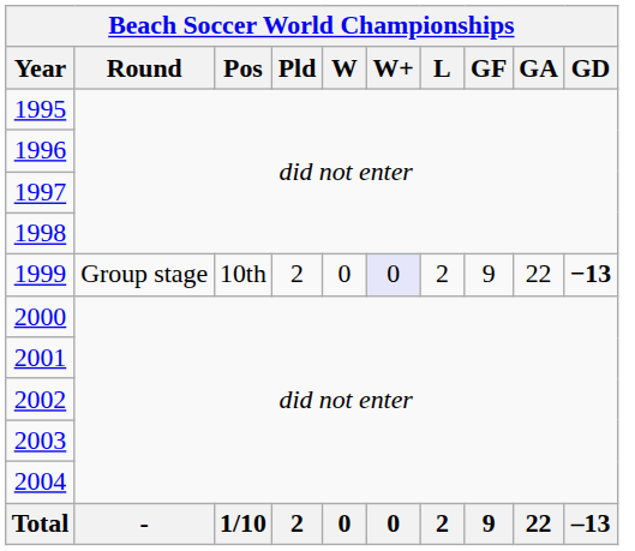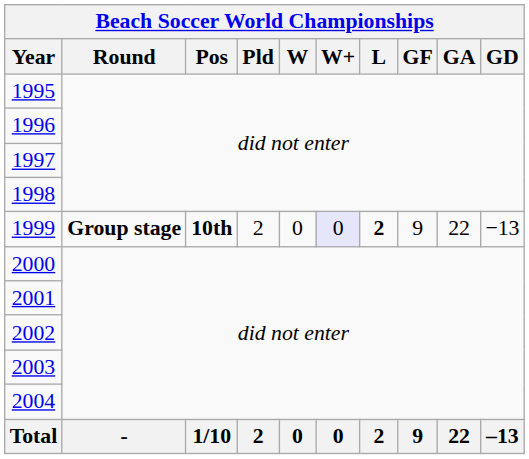 <table class="wikitable" style="text-align: center;">
 <tr>
 <th colspan=10><a href='#'>Beach Soccer World Championships</a></th>
 </tr>
 <tr>
 <th>Year</th>
 <th>Round</th>
 <th width=20>Pos</th>
 <th width=20>Pld</th>
 <th width=20>W</th>
 <th width=20>W+</th>
 <th width=20>L</th>
 <th width=20>GF</th>
 <th width=20>GA</th>
 <th width=20>GD</th>
 </tr>
 <tr>
 <td> <a href='#'>1995</a></td>
 <td rowspan=4 colspan=9><em>did not enter</em></td>
 </tr>
 <tr>
 <td> <a href='#'>1996</a></td>
 </tr>
 <tr>
 <td> <a href='#'>1997</a></td>
 </tr>
 <tr>
 <td> <a href='#'>1998</a></td>
 </tr>
 <tr>
 <td> <a href='#'>1999</a></td>
-<td>Group stage</td>
-<td>10th</td>
+<td><strong>Group stage</strong></td>
+<td><strong>10th</strong></td>
 <td>2</td>
 <td>0</td>
 <td style="background: lavender;">0</td>
-<td>2</td>
+<td><strong>2</strong></td>
 <td>9</td>
 <td>22</td>
-<td><strong>−13</strong></td>
+<td>−13</td>
 </tr>
 <tr>
 <td> <a href='#'>2000</a></td>
 <td rowspan=5 colspan=9><em>did not enter</em></td>
 </tr>
 <tr>
 <td> <a href='#'>2001</a></td>
 </tr>
 <tr>
 <td> <a href='#'>2002</a></td>
 </tr>
 <tr>
 <td> <a href='#'>2003</a></td>
 </tr>
 <tr>
 <td> <a href='#'>2004</a></td>
 </tr>
 <tr>
 <th>Total</th>
 <th>-</th>
 <th>1/10</th>
 <th>2</th>
 <th>0</th>
 <th>0</th>
 <th>2</th>
 <th>9</th>
 <th>22</th>
 <th>–13</th>
 </tr>
 </table>
